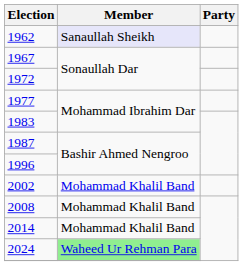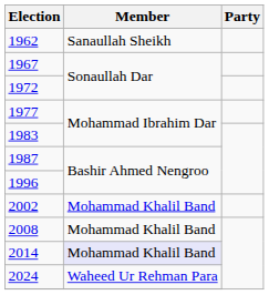 <table class="wikitable sortable">
 <tr>
 <th>Election</th>
 <th>Member</th>
 <th colspan=2>Party</th>
 </tr>
 <tr>
 <td><a href='#'>1962</a></td>
-<td style="background: lavender;">Sanaullah Sheikh</td>
+<td>Sanaullah Sheikh</td>
 <td></td>
 </tr>
 <tr>
 <td><a href='#'>1967</a></td>
 <td rowspan=2>Sonaullah Dar</td>
 <td></td>
 </tr>
 <tr>
 <td><a href='#'>1972</a></td>
 </tr>
 <tr>
 <td><a href='#'>1977</a></td>
 <td rowspan=2>Mohammad Ibrahim Dar</td>
 <td></td>
 </tr>
 <tr>
 <td><a href='#'>1983</a></td>
 </tr>
 <tr>
 <td><a href='#'>1987</a></td>
 <td rowspan=2>Bashir Ahmed Nengroo</td>
 </tr>
 <tr>
 <td><a href='#'>1996</a></td>
 </tr>
 <tr>
 <td><a href='#'>2002</a></td>
 <td><a href='#'>Mohammad Khalil Band</a></td>
 <td></td>
 </tr>
 <tr>
 <td><a href='#'>2008</a></td>
 <td>Mohammad Khalil Band</td>
 </tr>
 <tr>
 <td><a href='#'>2014</a></td>
-<td>Mohammad Khalil Band</td>
+<td style="background: lavender;">Mohammad Khalil Band</td>
 </tr>
 <tr>
 <td><a href='#'>2024</a></td>
-<td style="background: lightgreen;"><a href='#'>Waheed Ur Rehman Para</a></td>
+<td><a href='#'>Waheed Ur Rehman Para</a></td>
 </tr>
 <tr>
 </tr>
 </table>
